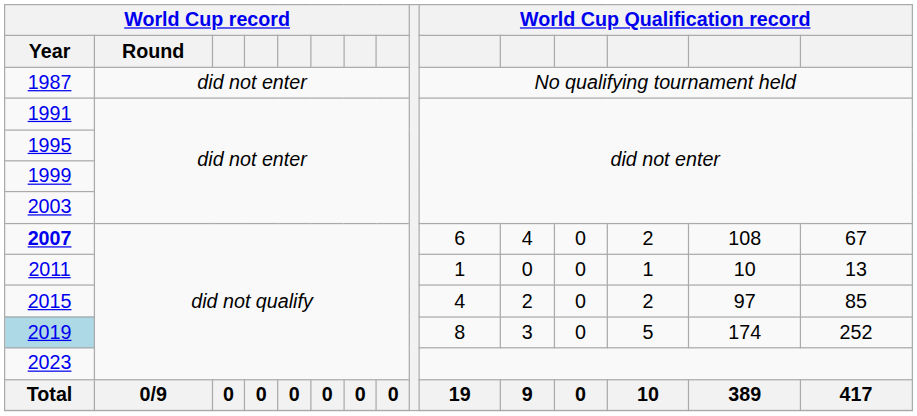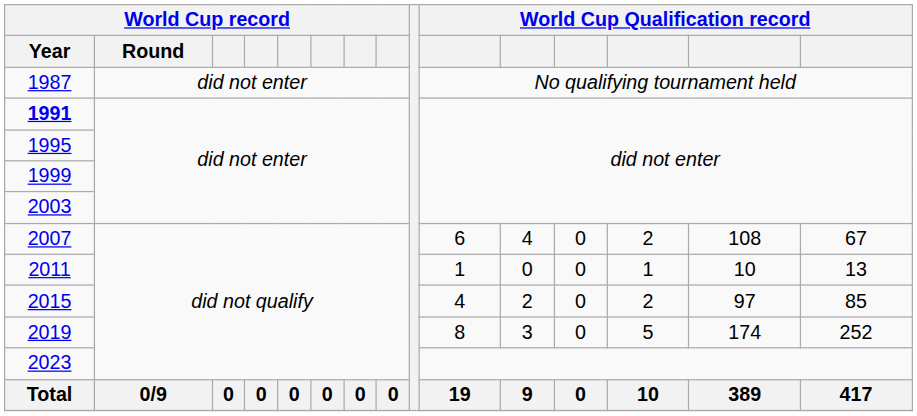 <table class="wikitable" style="text-align: center;">
 <tr>
 <th colspan=8><a href='#'>World Cup record</a></th>
 <th style="width:1%;" rowspan="25"></th>
 <th colspan=6><a href='#'>World Cup Qualification record</a></th>
 </tr>
 <tr>
 <th>Year</th>
 <th>Round</th>
 <th></th>
 <th></th>
 <th></th>
 <th></th>
 <th></th>
 <th></th>
 <th></th>
 <th></th>
 <th></th>
 <th></th>
 <th></th>
 <th></th>
 </tr>
 <tr>
 <td> <a href='#'>1987</a></td>
 <td Colspan=7><em>did not enter</em></td>
 <td Colspan=6><em>No qualifying tournament held</em></td>
 </tr>
 <tr>
-<td> <a href='#'>1991</a></td>
+<td><strong> <a href='#'>1991</a></strong></td>
 <td Rowspan=4 colspan=7><em>did not enter</em></td>
 <td Rowspan=4 colspan=6><em>did not enter</em></td>
 </tr>
 <tr>
 <td> <a href='#'>1995</a></td>
 </tr>
 <tr>
 <td> <a href='#'>1999</a></td>
 </tr>
 <tr>
 <td> <a href='#'>2003</a></td>
 </tr>
 <tr>
-<td><strong> <a href='#'>2007</a></strong></td>
+<td> <a href='#'>2007</a></td>
 <td Rowspan=5 colspan=7><em>did not qualify</em></td>
 <td>6</td>
 <td>4</td>
 <td>0</td>
 <td>2</td>
 <td>108</td>
 <td>67</td>
 </tr>
 <tr>
 <td> <a href='#'>2011</a></td>
 <td>1</td>
 <td>0</td>
 <td>0</td>
 <td>1</td>
 <td>10</td>
 <td>13</td>
 </tr>
 <tr>
 <td> <a href='#'>2015</a></td>
 <td>4</td>
 <td>2</td>
 <td>0</td>
 <td>2</td>
 <td>97</td>
 <td>85</td>
 </tr>
 <tr>
-<td style="background: lightblue;"> <a href='#'>2019</a></td>
+<td> <a href='#'>2019</a></td>
 <td>8</td>
 <td>3</td>
 <td>0</td>
 <td>5</td>
 <td>174</td>
 <td>252</td>
 </tr>
 <tr>
 <td> <a href='#'>2023</a></td>
 </tr>
 <tr>
 <th>Total</th>
 <th>0/9</th>
 <th>0</th>
 <th>0</th>
 <th>0</th>
 <th>0</th>
 <th>0</th>
 <th>0</th>
 <th>19</th>
 <th>9</th>
 <th>0</th>
 <th>10</th>
 <th>389</th>
 <th>417</th>
 </tr>
 <tr>
 </tr>
 </table>
